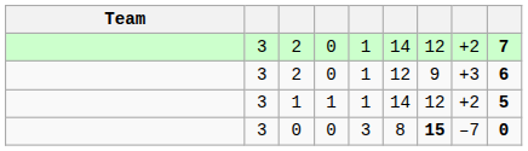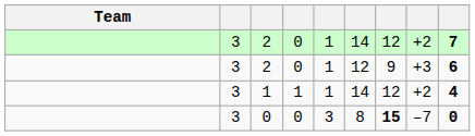 <table class="wikitable" style="text-align: center;">
 <tr>
 <th style="width:175px;">Team</th>
 <th width="20"></th>
 <th width="20"></th>
 <th width="20"></th>
 <th width="20"></th>
 <th width="20"></th>
 <th width="20"></th>
 <th width="20"></th>
 <th width="20"></th>
 </tr>
 <tr style="background:#cfc;">
 <td align=left></td>
 <td>3</td>
 <td>2</td>
 <td>0</td>
 <td>1</td>
 <td>14</td>
 <td>12</td>
 <td>+2</td>
 <td><strong>7</strong></td>
 </tr>
 <tr>
 <td align=left></td>
 <td>3</td>
 <td>2</td>
 <td>0</td>
 <td>1</td>
 <td>12</td>
 <td>9</td>
 <td>+3</td>
 <td><strong>6</strong></td>
 </tr>
 <tr>
 <td align=left></td>
 <td>3</td>
 <td>1</td>
 <td>1</td>
 <td>1</td>
 <td>14</td>
 <td>12</td>
 <td>+2</td>
-<td><strong>5</strong></td>
+<td><strong>4</strong></td>
 </tr>
 <tr>
 <td align=left></td>
 <td>3</td>
 <td>0</td>
 <td>0</td>
 <td>3</td>
 <td>8</td>
 <td><strong>15</strong></td>
 <td>–7</td>
 <td><strong>0</strong></td>
 </tr>
 </table>
